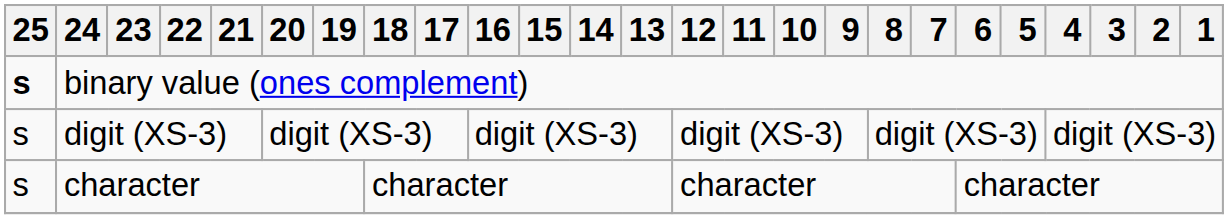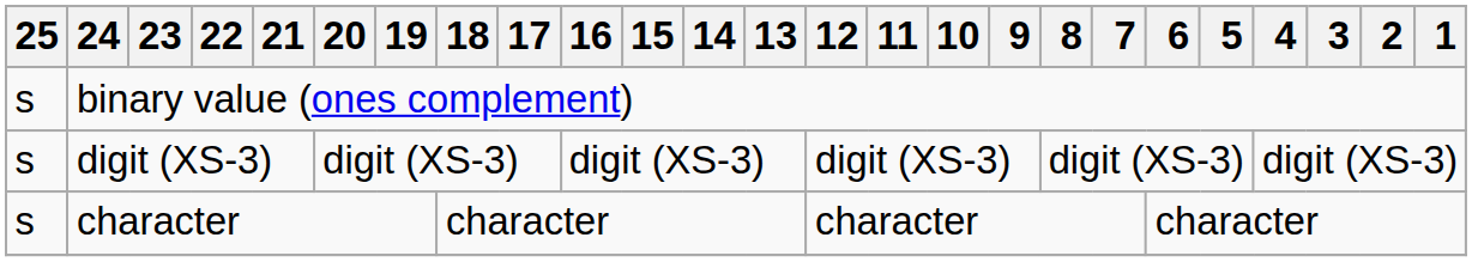 <table class="wikitable">
 <tr>
 <th>25</th>
 <th>24</th>
 <th>23</th>
 <th>22</th>
 <th>21</th>
 <th>20</th>
 <th>19</th>
 <th>18</th>
 <th>17</th>
 <th>16</th>
 <th>15</th>
 <th>14</th>
 <th>13</th>
 <th>12</th>
 <th>11</th>
 <th>10</th>
 <th> 9</th>
 <th> 8</th>
 <th> 7</th>
 <th> 6</th>
 <th> 5</th>
 <th> 4</th>
 <th> 3</th>
 <th> 2</th>
 <th> 1</th>
 </tr>
 <tr>
-<td><strong>s</strong></td>
+<td>s</td>
 <td colspan=24>binary value (<a href='#'>ones complement</a>)</td>
 </tr>
 <tr>
 <td>s</td>
 <td colspan=4>digit (XS-3)</td>
 <td colspan=4>digit (XS-3)</td>
 <td colspan=4>digit (XS-3)</td>
 <td colspan=4>digit (XS-3)</td>
 <td colspan=4>digit (XS-3)</td>
 <td colspan=4>digit (XS-3)</td>
 </tr>
 <tr>
 <td>s</td>
 <td colspan=6>character</td>
 <td colspan=6>character</td>
 <td colspan=6>character</td>
 <td colspan=6>character</td>
 </tr>
 <tr>
 </tr>
 </table>
